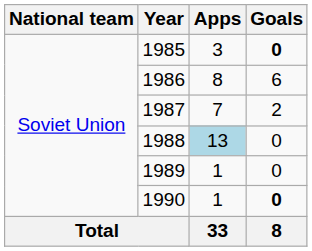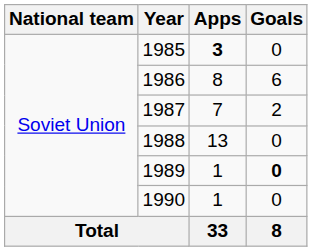 <table class="wikitable" style="text-align:center">
 <tr>
 <th>National team</th>
 <th>Year</th>
 <th>Apps</th>
 <th>Goals</th>
 </tr>
 <tr>
 <td rowspan="6"><a href='#'>Soviet Union</a></td>
 <td>1985</td>
-<td>3</td>
-<td><strong>0</strong></td>
+<td><strong>3</strong></td>
+<td>0</td>
 </tr>
 <tr>
 <td>1986</td>
 <td>8</td>
 <td>6</td>
 </tr>
 <tr>
 <td>1987</td>
 <td>7</td>
 <td>2</td>
 </tr>
 <tr>
 <td>1988</td>
-<td style="background: lightblue;">13</td>
+<td>13</td>
 <td>0</td>
 </tr>
 <tr>
 <td>1989</td>
 <td>1</td>
-<td>0</td>
+<td><strong>0</strong></td>
 </tr>
 <tr>
 <td>1990</td>
 <td>1</td>
-<td><strong>0</strong></td>
+<td>0</td>
 </tr>
 <tr>
 <th colspan="2">Total</th>
 <th>33</th>
 <th>8</th>
 </tr>
 </table>
